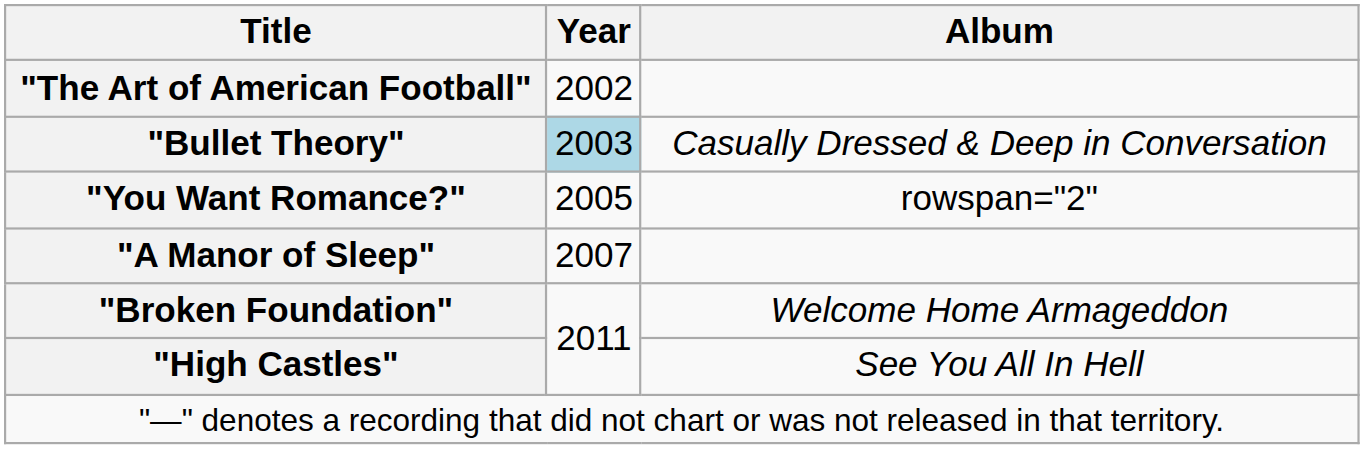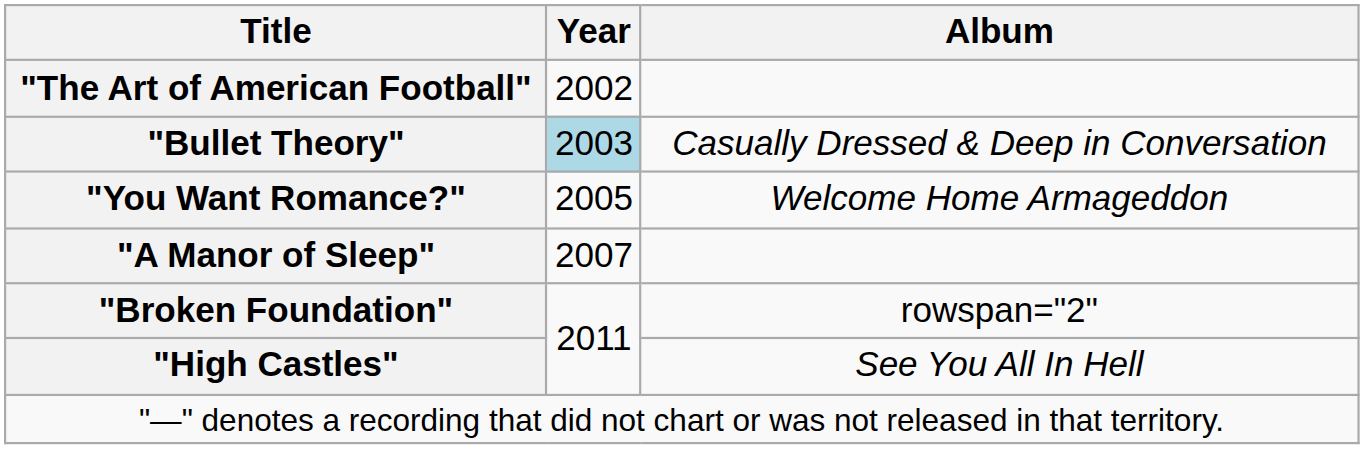 <table class="wikitable plainrowheaders" style="text-align:center;">
 <tr>
 <th scope="col" style="width:15em;">Title</th>
 <th scope="col" colspan="1">Year</th>
 <th scope="col" style="width:20em;">Album</th>
 </tr>
 <tr>
 <th scope="row">"The Art of American Football"</th>
 <td rowspan="1">2002</td>
 <td></td>
 </tr>
 <tr>
 <th scope="row">"Bullet Theory"</th>
 <td rowspan="1" style="background: lightblue;">2003</td>
 <td rowspan="1"><em>Casually Dressed & Deep in Conversation</em></td>
 </tr>
 <tr>
 <th scope="row">"You Want Romance?"</th>
 <td rowspan="1">2005</td>
-<td>rowspan="2" </td>
+<td rowspan="1"><em>Welcome Home Armageddon</em></td>
 </tr>
 <tr>
 <th scope="row">"A Manor of Sleep"</th>
 <td rowspan="1">2007</td>
 </tr>
 <tr>
 <th scope="row">"Broken Foundation"</th>
 <td rowspan="2">2011</td>
-<td rowspan="1"><em>Welcome Home Armageddon</em></td>
+<td>rowspan="2" </td>
 </tr>
 <tr>
 <th scope="row">"High Castles"</th>
 <td rowspan="1"><em>See You All In Hell</em></td>
 </tr>
 <tr>
 <td colspan="3" style="font-size:90%">"—" denotes a recording that did not chart or was not released in that territory.</td>
 </tr>
 </table>
